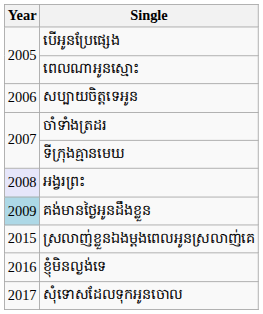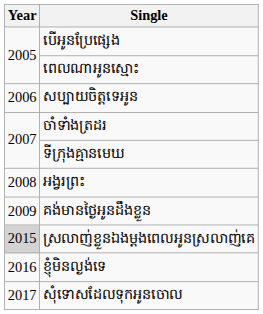 <table class="wikitable">
 <tr>
 <th>Year</th>
 <th>Single</th>
 </tr>
 <tr>
 <td rowspan="2">2005</td>
 <td>បើអូនប្រែផ្សេង</td>
 </tr>
 <tr>
 <td>ពេលណាអូនស្មោះ</td>
 </tr>
 <tr>
 <td>2006</td>
 <td>សប្បាយចិត្តទេអូន</td>
 </tr>
 <tr>
 <td rowspan="2">2007</td>
 <td>ចាំទាំងត្រដរ</td>
 </tr>
 <tr>
 <td>ទីក្រុងគ្មានមេឃ</td>
 </tr>
 <tr>
-<td style="background: lavender;">2008</td>
+<td>2008</td>
 <td>អង្វរព្រះ</td>
 </tr>
 <tr>
-<td style="background: lightblue;">2009</td>
+<td>2009</td>
 <td>គង់មានថ្ងៃអូនដឹងខ្លួន</td>
 </tr>
 <tr>
-<td>2015</td>
+<td style="background: lightgrey;">2015</td>
 <td>ស្រលាញ់ខ្លួនឯងម្តងពេលអូនស្រលាញ់គេ</td>
 </tr>
 <tr>
 <td>2016</td>
 <td>ខ្ញុំមិនល្ងង់ទេ</td>
 </tr>
 <tr>
 <td>2017</td>
 <td>សុំទោសដែលទុកអូនចោល</td>
 </tr>
 </table>
